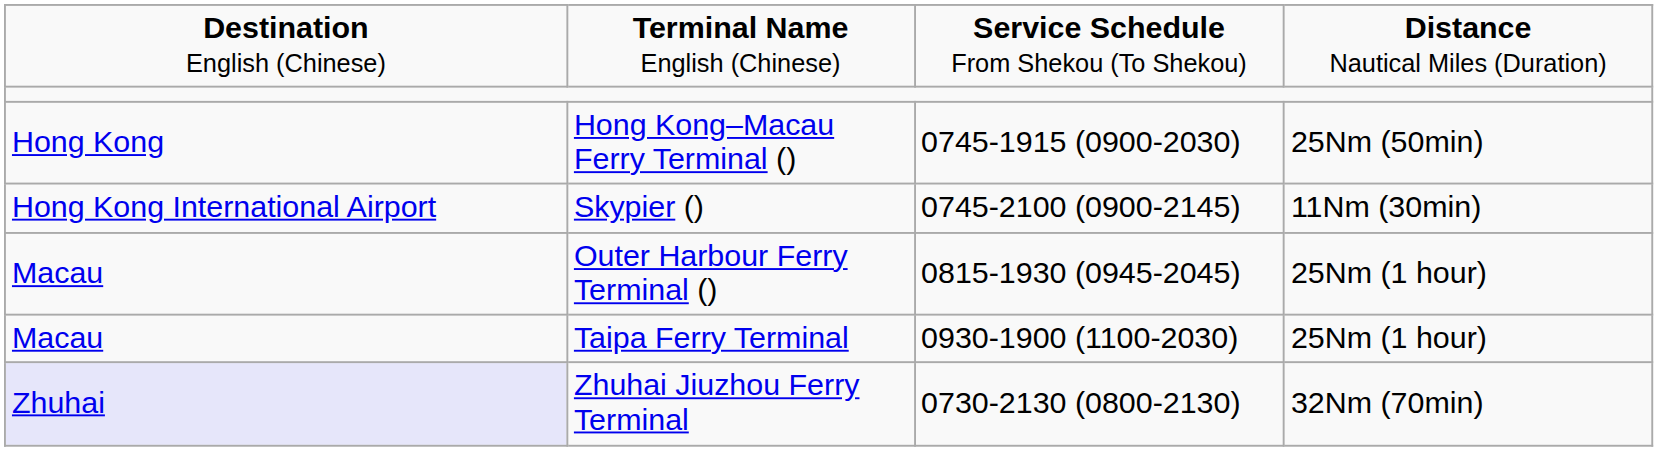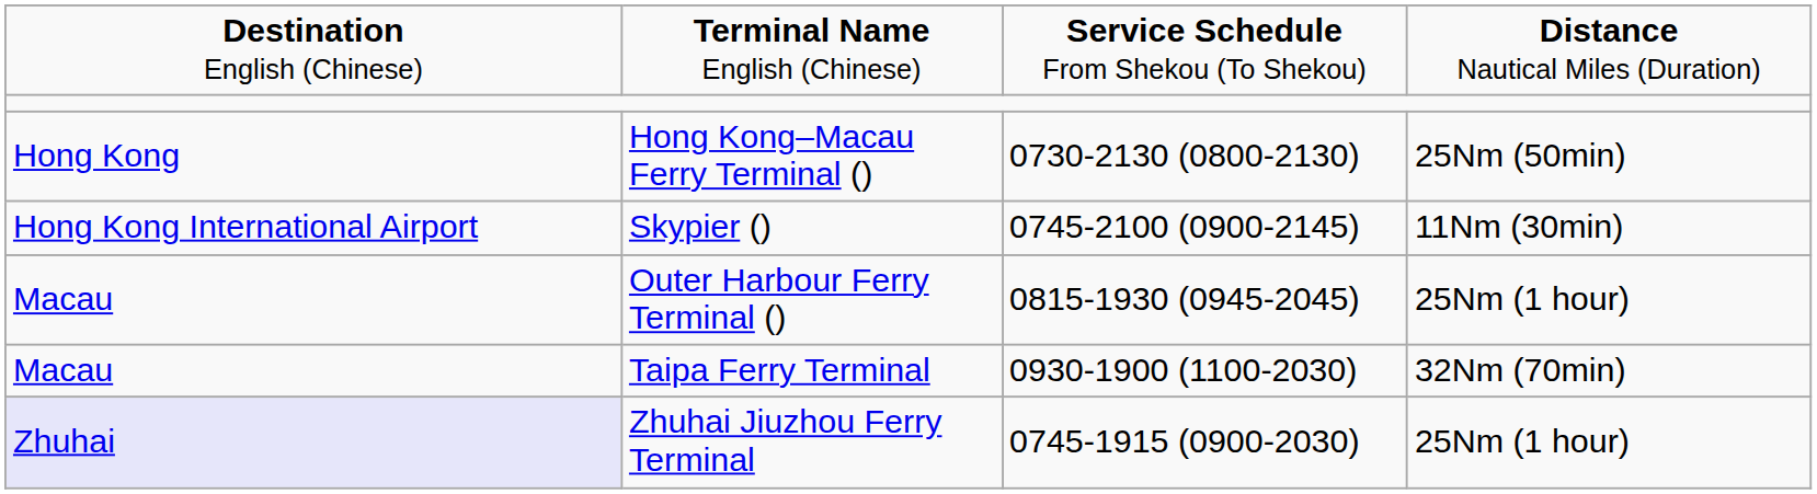 <table class="wikitable">
 <tr style="text-align:center;">
 <td style="width:250pt;"><strong>Destination</strong><br><small>English (Chinese)</small></td>
 <td style="width:150pt;"><strong>Terminal Name</strong><br><small>English (Chinese)</small></td>
 <td style="width:160pt;"><strong>Service Schedule</strong><br><small>From Shekou (To Shekou)</small></td>
 <td style="width:160pt;"><strong>Distance</strong><br><small>Nautical Miles (Duration)</small></td>
 </tr>
 <tr style="background:#">
 <td colspan = "7"></td>
 </tr>
 <tr>
 <td><a href='#'>Hong Kong</a></td>
 <td><a href='#'>Hong Kong–Macau Ferry Terminal</a> ()</td>
-<td>0745-1915  (0900-2030)</td>
+<td>0730-2130  (0800-2130)</td>
 <td>25Nm  (50min)</td>
 </tr>
 <tr>
 <td><a href='#'>Hong Kong International Airport</a></td>
 <td><a href='#'>Skypier</a> ()</td>
 <td>0745-2100  (0900-2145)</td>
 <td>11Nm  (30min)</td>
 </tr>
 <tr>
 <td><a href='#'>Macau</a></td>
 <td><a href='#'>Outer Harbour Ferry Terminal</a> ()</td>
 <td>0815-1930  (0945-2045)</td>
 <td>25Nm  (1 hour)</td>
 </tr>
 <tr>
 <td><a href='#'>Macau</a></td>
 <td><a href='#'>Taipa Ferry Terminal</a></td>
 <td>0930-1900  (1100-2030)</td>
-<td>25Nm  (1 hour)</td>
+<td>32Nm  (70min)</td>
 </tr>
 <tr>
 <td style="background: lavender;"><a href='#'>Zhuhai</a></td>
 <td><a href='#'>Zhuhai Jiuzhou Ferry Terminal</a></td>
-<td>0730-2130  (0800-2130)</td>
-<td>32Nm  (70min)</td>
+<td>0745-1915  (0900-2030)</td>
+<td>25Nm  (1 hour)</td>
 </tr>
 </table>
